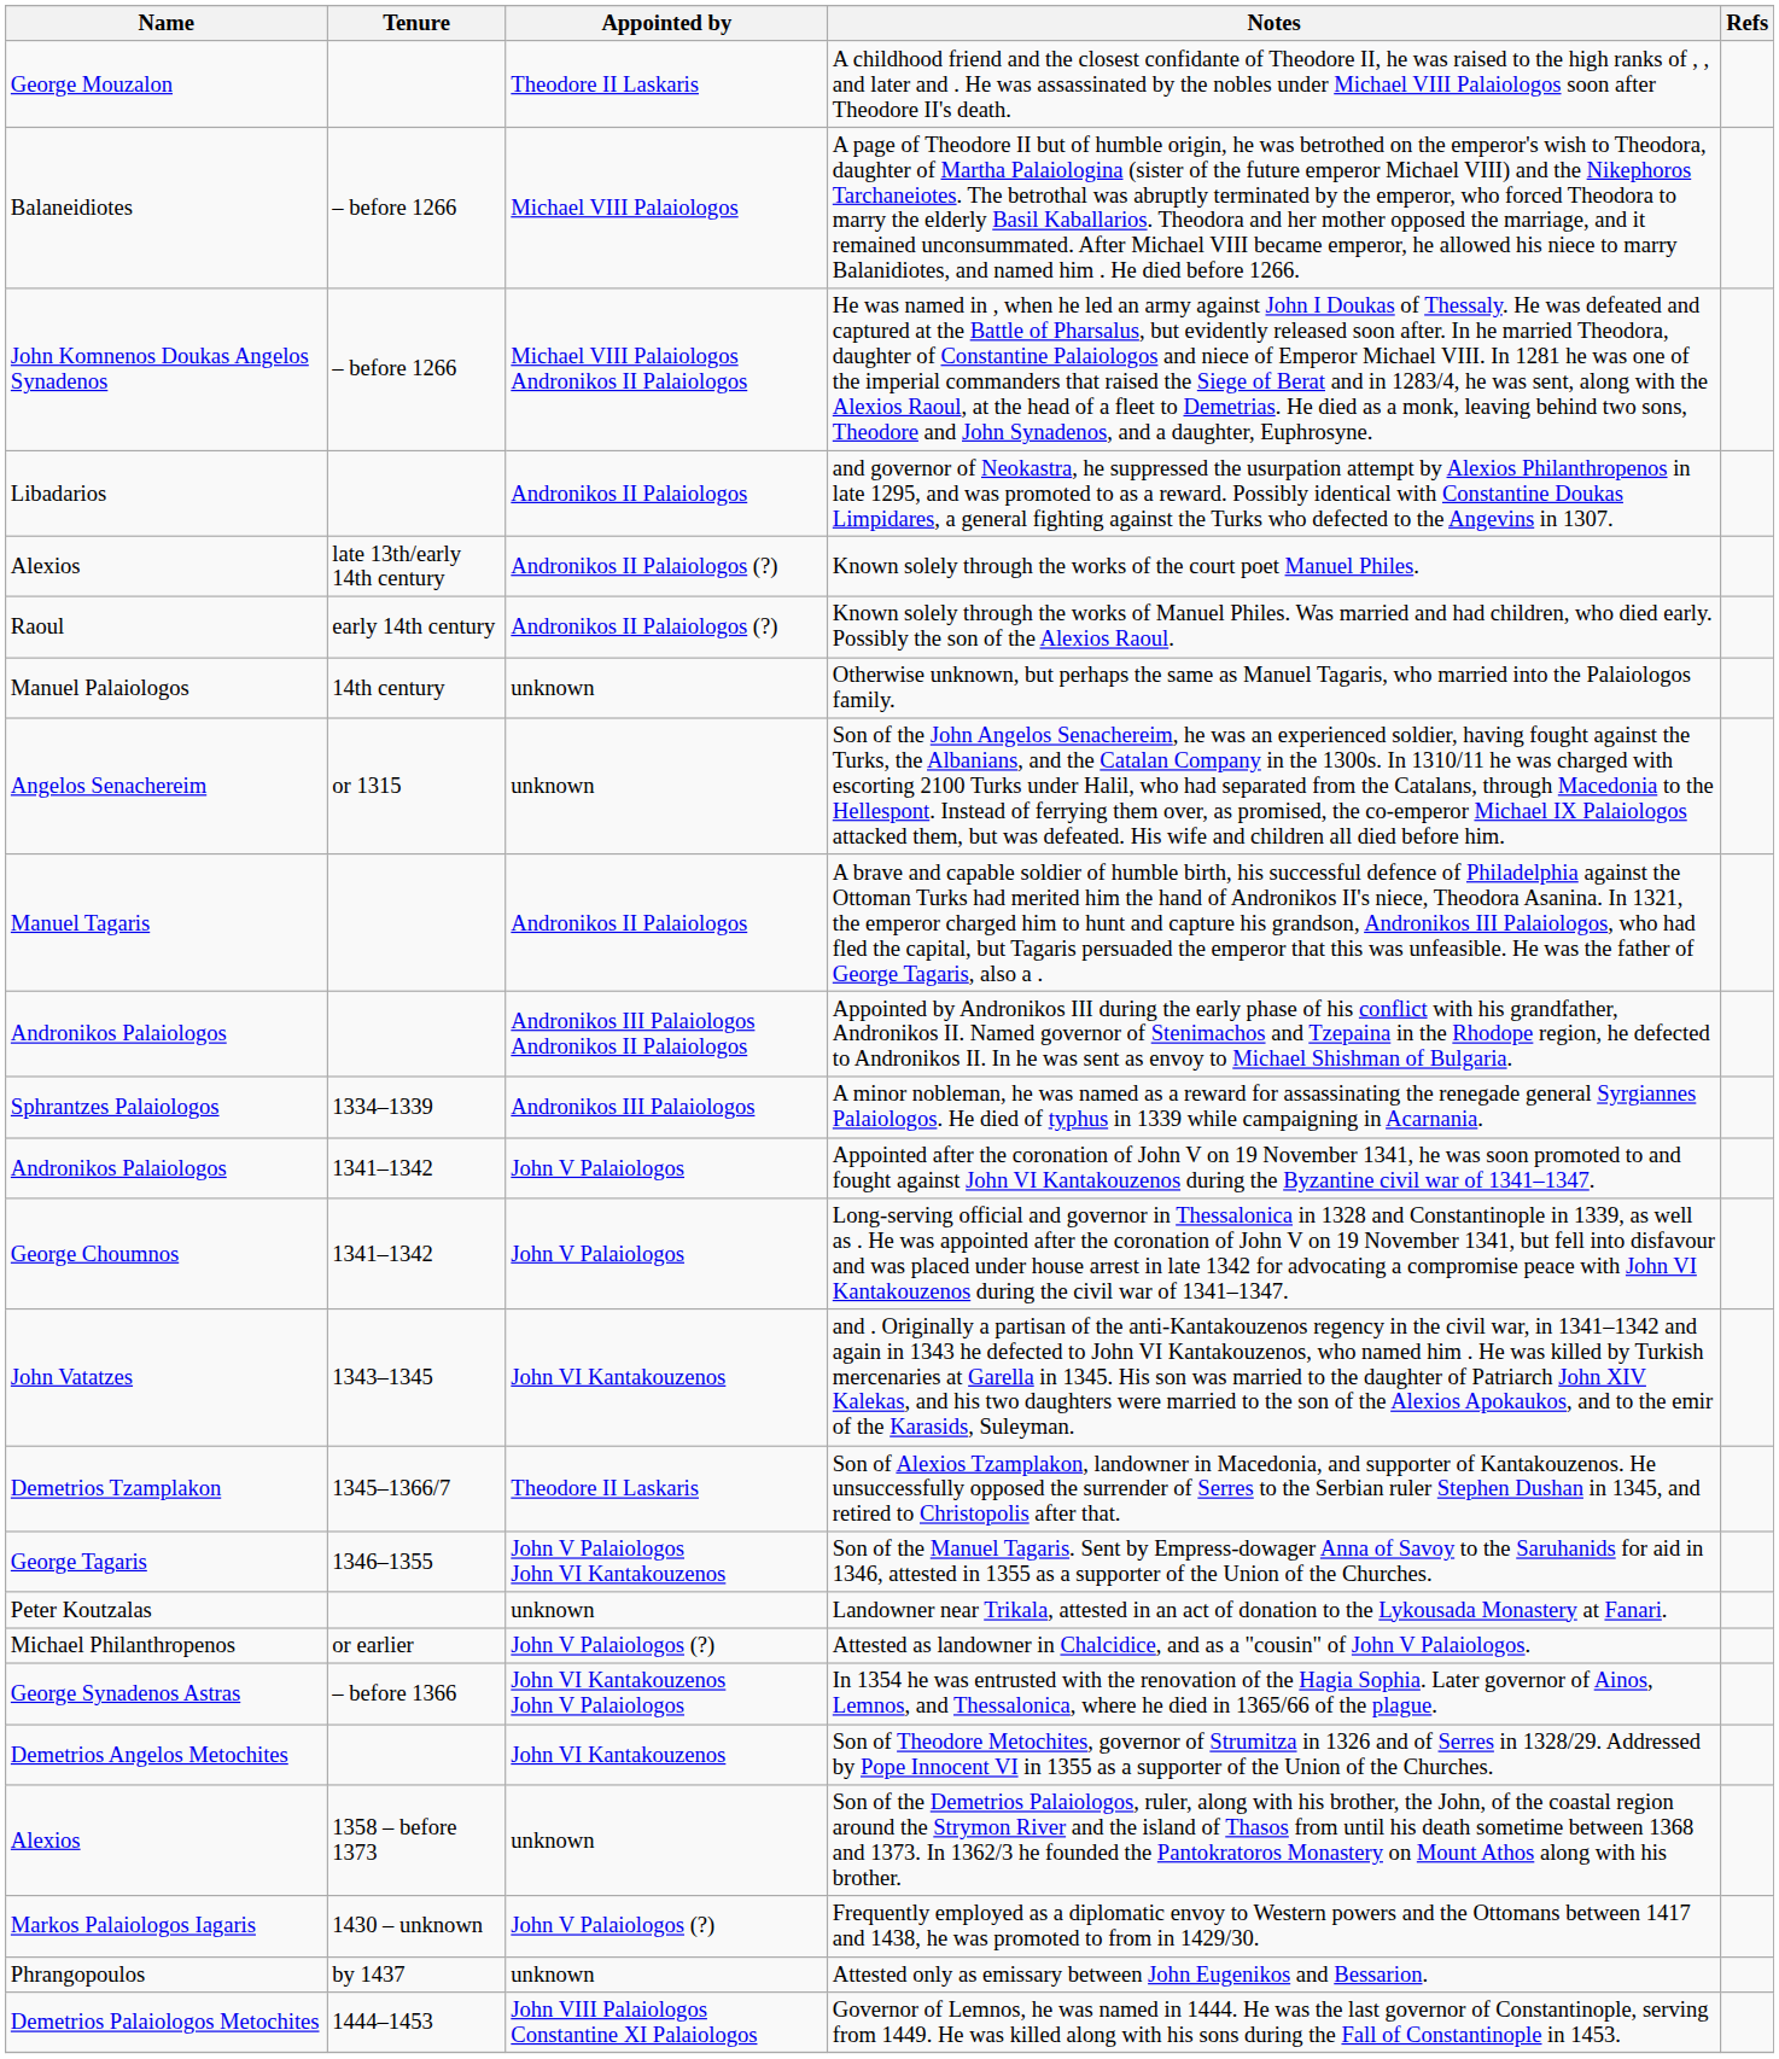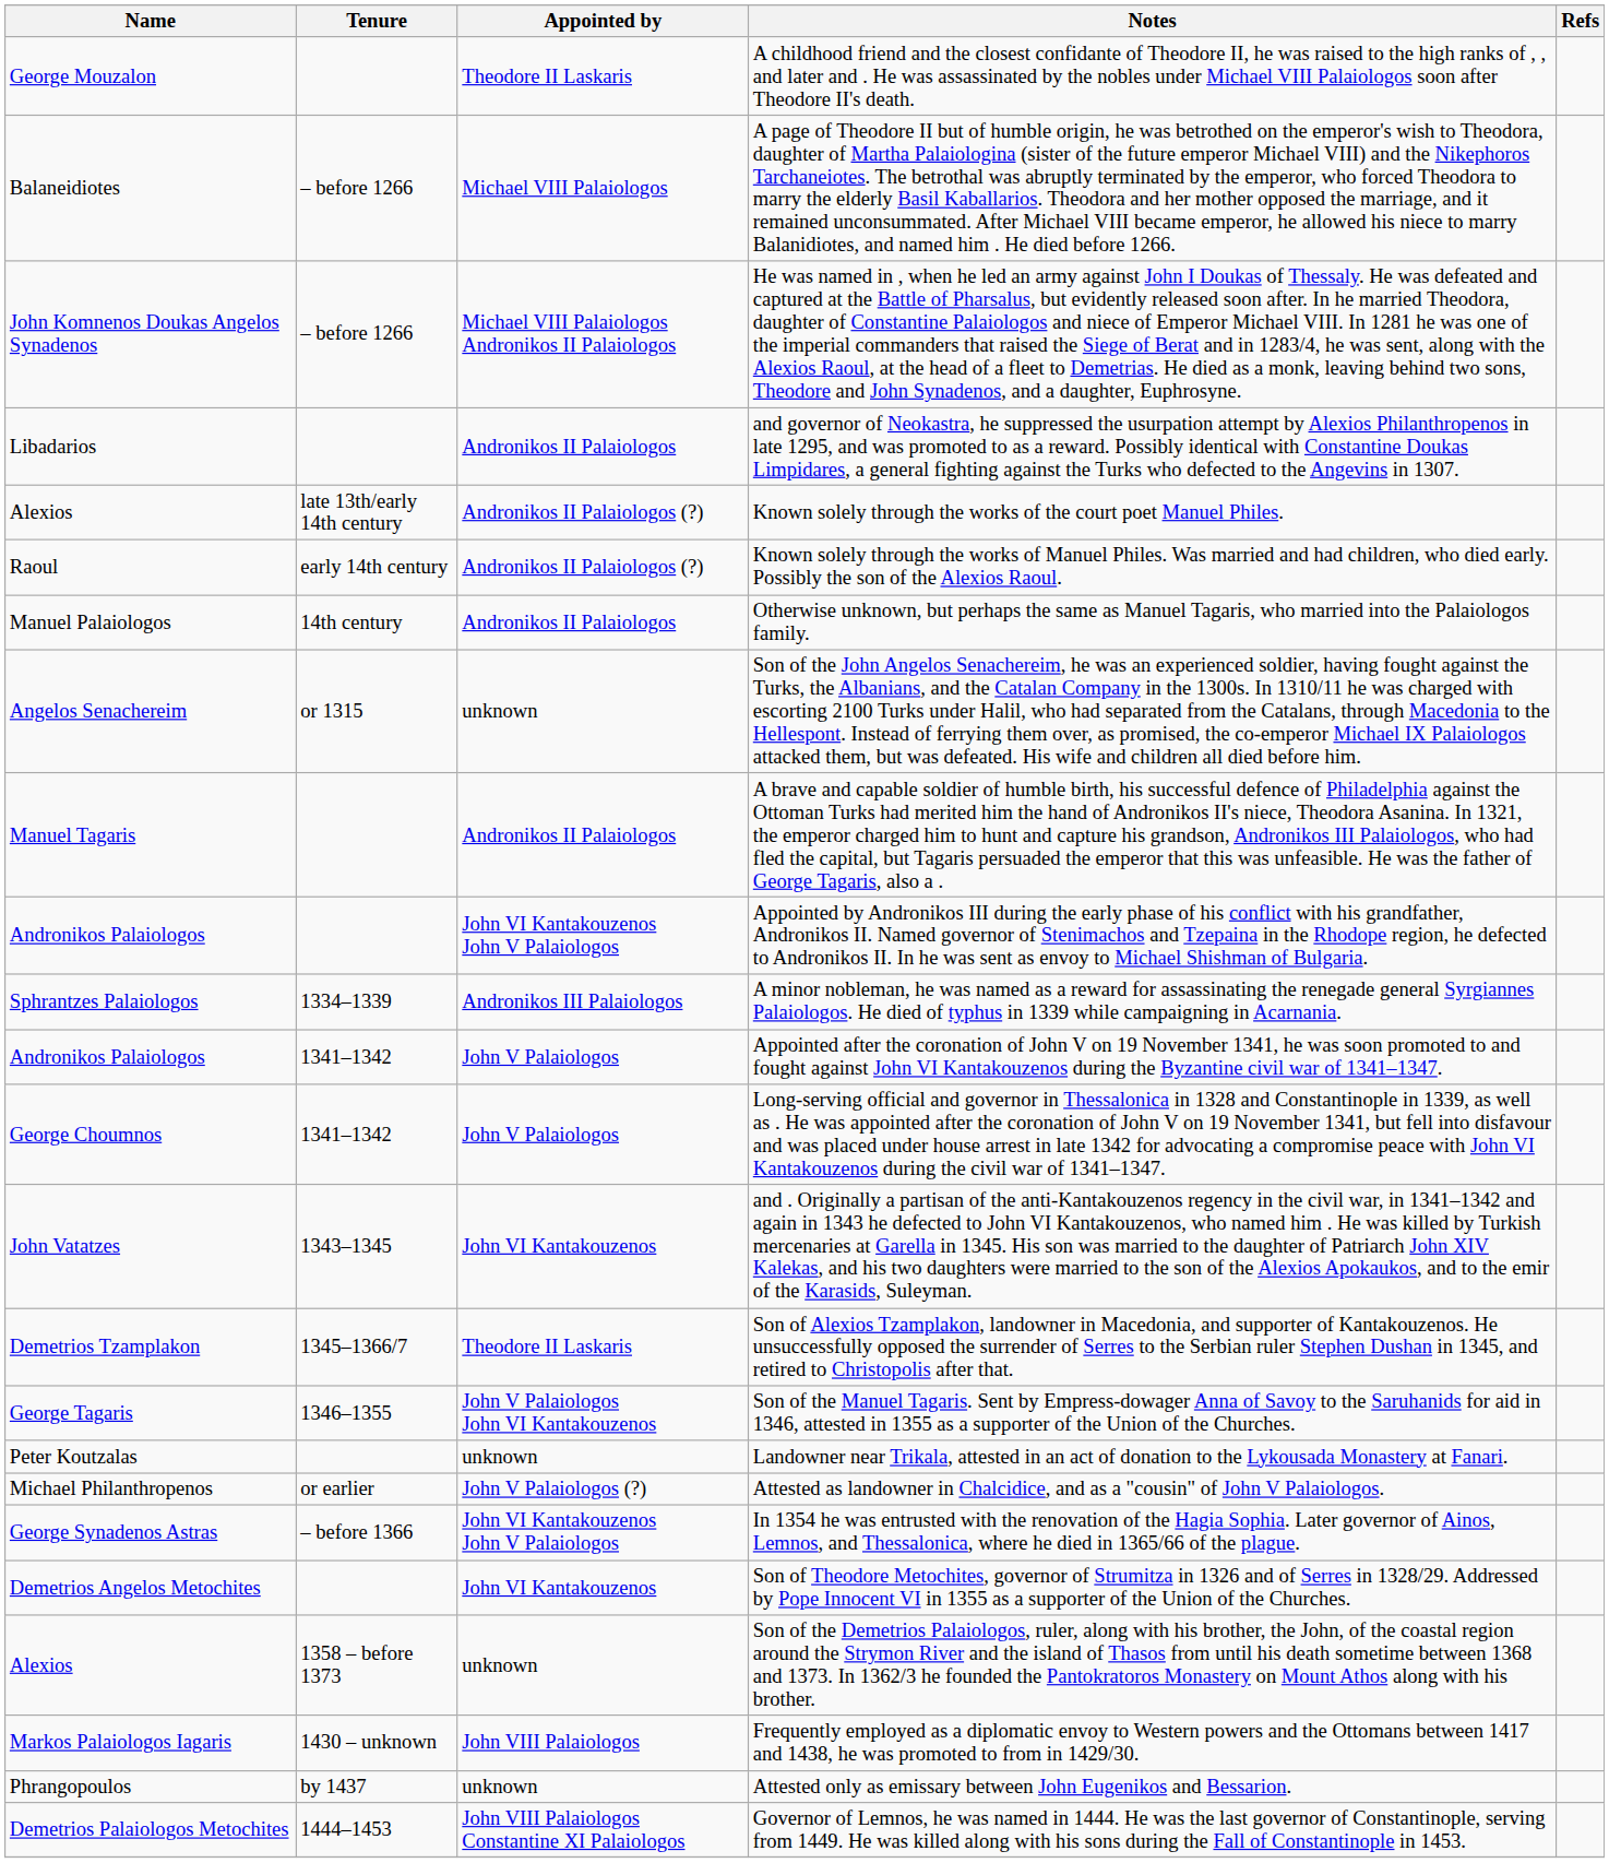 <table class="wikitable"  width="100%">
 <tr bgcolor="#FFDEAD">
 </tr>
 <tr>
 <th width="18%">Name</th>
 <th width="10%">Tenure</th>
 <th width="18%">Appointed by</th>
 <th width="50%">Notes</th>
 <th width="2%">Refs</th>
 </tr>
 <tr>
 <td><a href='#'>George Mouzalon</a></td>
 <td></td>
 <td><a href='#'>Theodore II Laskaris</a></td>
 <td>A childhood friend and the closest confidante of Theodore II, he was raised to the high ranks of , , and later  and . He was assassinated by the nobles under <a href='#'>Michael VIII Palaiologos</a> soon after Theodore II's death.</td>
 <td></td>
 </tr>
 <tr>
 <td>Balaneidiotes</td>
 <td> – before 1266</td>
 <td><a href='#'>Michael VIII Palaiologos</a></td>
 <td>A page of Theodore II but of humble origin, he was betrothed on the emperor's wish to Theodora, daughter of <a href='#'>Martha Palaiologina</a> (sister of the future emperor Michael VIII) and the  <a href='#'>Nikephoros Tarchaneiotes</a>. The betrothal was abruptly terminated by the emperor, who forced Theodora to marry the elderly <a href='#'>Basil Kaballarios</a>. Theodora and her mother opposed the marriage, and it remained unconsummated. After Michael VIII became emperor, he allowed his niece to marry Balanidiotes, and named him . He died before 1266.</td>
 <td></td>
 </tr>
 <tr>
 <td><a href='#'>John Komnenos Doukas Angelos Synadenos</a></td>
 <td> – before 1266</td>
 <td><a href='#'>Michael VIII Palaiologos</a><br><a href='#'>Andronikos II Palaiologos</a></td>
 <td>He was named  in , when he led an army against <a href='#'>John I Doukas</a> of <a href='#'>Thessaly</a>. He was defeated and captured at the <a href='#'>Battle of Pharsalus</a>, but evidently released soon after. In  he married Theodora, daughter of <a href='#'>Constantine Palaiologos</a> and niece of Emperor Michael VIII. In 1281 he was one of the imperial commanders that raised the <a href='#'>Siege of Berat</a> and in 1283/4, he was sent, along with the  <a href='#'>Alexios Raoul</a>, at the head of a fleet to <a href='#'>Demetrias</a>. He died as a monk, leaving behind two sons, <a href='#'>Theodore</a> and <a href='#'>John Synadenos</a>, and a daughter, Euphrosyne.</td>
 <td></td>
 </tr>
 <tr>
 <td>Libadarios</td>
 <td></td>
 <td><a href='#'>Andronikos II Palaiologos</a></td>
 <td> and governor of <a href='#'>Neokastra</a>, he suppressed the usurpation attempt by <a href='#'>Alexios Philanthropenos</a> in late 1295, and was promoted to  as a reward. Possibly identical with <a href='#'>Constantine Doukas Limpidares</a>, a general fighting against the Turks who defected to the <a href='#'>Angevins</a> in 1307.</td>
 <td></td>
 </tr>
 <tr>
 <td>Alexios</td>
 <td>late 13th/early 14th century</td>
 <td><a href='#'>Andronikos II Palaiologos</a> (?)</td>
 <td>Known solely through the works of the court poet <a href='#'>Manuel Philes</a>.</td>
 <td></td>
 </tr>
 <tr>
 <td>Raoul</td>
 <td>early 14th century</td>
 <td><a href='#'>Andronikos II Palaiologos</a> (?)</td>
 <td>Known solely through the works of Manuel Philes. Was married and had children, who died early. Possibly the son of the  <a href='#'>Alexios Raoul</a>.</td>
 <td></td>
 </tr>
 <tr>
 <td>Manuel Palaiologos</td>
 <td>14th century</td>
-<td>unknown</td>
+<td><a href='#'>Andronikos II Palaiologos</a></td>
 <td>Otherwise unknown, but perhaps the same as Manuel Tagaris, who married into the Palaiologos family.</td>
 <td></td>
 </tr>
 <tr>
 <td><a href='#'>Angelos Senachereim</a></td>
 <td> or 1315</td>
 <td>unknown</td>
 <td>Son of the  <a href='#'>John Angelos Senachereim</a>, he was an experienced soldier, having fought against the Turks, the <a href='#'>Albanians</a>, and the <a href='#'>Catalan Company</a> in the 1300s. In 1310/11 he was charged with escorting 2100 Turks under Halil, who had separated from the Catalans, through <a href='#'>Macedonia</a> to the <a href='#'>Hellespont</a>. Instead of ferrying them over, as promised, the co-emperor <a href='#'>Michael IX Palaiologos</a> attacked them, but was defeated. His wife and children all died before him.</td>
 <td></td>
 </tr>
 <tr>
 <td><a href='#'>Manuel Tagaris</a></td>
 <td></td>
 <td><a href='#'>Andronikos II Palaiologos</a></td>
 <td>A brave and capable soldier of humble birth, his successful defence of <a href='#'>Philadelphia</a> against the Ottoman Turks had merited him the hand of Andronikos II's niece, Theodora Asanina. In 1321, the emperor charged him to hunt and capture his grandson, <a href='#'>Andronikos III Palaiologos</a>, who had fled the capital, but Tagaris persuaded the emperor that this was unfeasible. He was the father of <a href='#'>George Tagaris</a>, also a .</td>
 <td></td>
 </tr>
 <tr>
 <td><a href='#'>Andronikos Palaiologos</a></td>
 <td></td>
-<td><a href='#'>Andronikos III Palaiologos</a><br><a href='#'>Andronikos II Palaiologos</a></td>
+<td><a href='#'>John VI Kantakouzenos</a><br><a href='#'>John V Palaiologos</a></td>
 <td>Appointed  by Andronikos III during the early phase of his <a href='#'>conflict</a> with his grandfather, Andronikos II. Named governor of <a href='#'>Stenimachos</a> and <a href='#'>Tzepaina</a> in the <a href='#'>Rhodope</a> region, he defected to Andronikos II. In  he was sent as envoy to <a href='#'>Michael Shishman of Bulgaria</a>.</td>
 <td></td>
 </tr>
 <tr>
 <td><a href='#'>Sphrantzes Palaiologos</a></td>
 <td>1334–1339</td>
 <td><a href='#'>Andronikos III Palaiologos</a></td>
 <td>A minor nobleman, he was named  as a reward for assassinating the renegade general <a href='#'>Syrgiannes Palaiologos</a>. He died of <a href='#'>typhus</a> in 1339 while campaigning in <a href='#'>Acarnania</a>.</td>
 <td></td>
 </tr>
 <tr>
 <td><a href='#'>Andronikos Palaiologos</a></td>
 <td>1341–1342</td>
 <td><a href='#'>John V Palaiologos</a></td>
 <td>Appointed  after the coronation of John V on 19 November 1341, he was soon promoted to  and fought against <a href='#'>John VI Kantakouzenos</a> during the <a href='#'>Byzantine civil war of 1341–1347</a>.</td>
 <td></td>
 </tr>
 <tr>
 <td><a href='#'>George Choumnos</a></td>
 <td>1341–1342</td>
 <td><a href='#'>John V Palaiologos</a></td>
 <td>Long-serving official and governor in <a href='#'>Thessalonica</a> in 1328 and Constantinople in 1339, as well as . He was appointed  after the coronation of John V on 19 November 1341, but fell into disfavour and was placed under house arrest in late 1342 for advocating a compromise peace with <a href='#'>John VI Kantakouzenos</a> during the civil war of 1341–1347.</td>
 <td></td>
 </tr>
 <tr>
 <td><a href='#'>John Vatatzes</a></td>
 <td>1343–1345</td>
 <td><a href='#'>John VI Kantakouzenos</a></td>
 <td> and . Originally a partisan of the anti-Kantakouzenos regency in the civil war, in 1341–1342 and again in 1343 he defected to John VI Kantakouzenos, who named him . He was killed by Turkish mercenaries at <a href='#'>Garella</a> in 1345. His son was married to the daughter of Patriarch <a href='#'>John XIV Kalekas</a>, and his two daughters were married to the son of the  <a href='#'>Alexios Apokaukos</a>, and to the emir of the <a href='#'>Karasids</a>, Suleyman.</td>
 <td></td>
 </tr>
 <tr>
 <td><a href='#'>Demetrios Tzamplakon</a></td>
 <td>1345–1366/7</td>
 <td><a href='#'>Theodore II Laskaris</a></td>
 <td>Son of <a href='#'>Alexios Tzamplakon</a>, landowner in Macedonia, and supporter of Kantakouzenos. He unsuccessfully opposed the surrender of <a href='#'>Serres</a> to the Serbian ruler <a href='#'>Stephen Dushan</a> in 1345, and retired to <a href='#'>Christopolis</a> after that.</td>
 <td></td>
 </tr>
 <tr>
 <td><a href='#'>George Tagaris</a></td>
 <td>1346–1355</td>
 <td><a href='#'>John V Palaiologos</a><br><a href='#'>John VI Kantakouzenos</a></td>
 <td>Son of the  <a href='#'>Manuel Tagaris</a>. Sent by Empress-dowager <a href='#'>Anna of Savoy</a> to the <a href='#'>Saruhanids</a> for aid in 1346, attested in 1355 as a supporter of the Union of the Churches.</td>
 <td></td>
 </tr>
 <tr>
 <td>Peter Koutzalas</td>
 <td></td>
 <td>unknown</td>
 <td>Landowner near <a href='#'>Trikala</a>, attested in an act of donation to the <a href='#'>Lykousada Monastery</a> at <a href='#'>Fanari</a>.</td>
 <td></td>
 </tr>
 <tr>
 <td>Michael Philanthropenos</td>
 <td> or earlier</td>
 <td><a href='#'>John V Palaiologos</a> (?)</td>
 <td>Attested as landowner in <a href='#'>Chalcidice</a>, and as a "cousin" of <a href='#'>John V Palaiologos</a>.</td>
 <td></td>
 </tr>
 <tr>
 <td><a href='#'>George Synadenos Astras</a></td>
 <td> – before 1366</td>
 <td><a href='#'>John VI Kantakouzenos</a><br><a href='#'>John V Palaiologos</a></td>
 <td>In 1354 he was entrusted with the renovation of the <a href='#'>Hagia Sophia</a>. Later governor of <a href='#'>Ainos</a>, <a href='#'>Lemnos</a>, and <a href='#'>Thessalonica</a>, where he died in 1365/66 of the <a href='#'>plague</a>.</td>
 <td></td>
 </tr>
 <tr>
 <td><a href='#'>Demetrios Angelos Metochites</a></td>
 <td></td>
 <td><a href='#'>John VI Kantakouzenos</a></td>
 <td>Son of <a href='#'>Theodore Metochites</a>, governor of <a href='#'>Strumitza</a> in 1326 and of <a href='#'>Serres</a> in 1328/29. Addressed by <a href='#'>Pope Innocent VI</a> in 1355 as a supporter of the Union of the Churches.</td>
 <td></td>
 </tr>
 <tr>
 <td><a href='#'>Alexios</a></td>
 <td>1358 – before 1373</td>
 <td>unknown</td>
 <td>Son of the  <a href='#'>Demetrios Palaiologos</a>, ruler, along with his brother, the  John, of the coastal region around the <a href='#'>Strymon River</a> and the island of <a href='#'>Thasos</a> from  until his death sometime between 1368 and 1373. In 1362/3 he founded the <a href='#'>Pantokratoros Monastery</a> on <a href='#'>Mount Athos</a> along with his brother.</td>
 <td></td>
 </tr>
 <tr>
 <td><a href='#'>Markos Palaiologos Iagaris</a></td>
 <td>1430 – unknown</td>
-<td><a href='#'>John V Palaiologos</a> (?)</td>
+<td><a href='#'>John VIII Palaiologos</a></td>
 <td>Frequently employed as a diplomatic envoy to Western powers and the Ottomans between 1417 and 1438, he was promoted to  from  in 1429/30.</td>
 <td></td>
 </tr>
 <tr>
 <td>Phrangopoulos</td>
 <td>by 1437</td>
 <td>unknown</td>
 <td>Attested only as emissary between <a href='#'>John Eugenikos</a> and <a href='#'>Bessarion</a>.</td>
 <td></td>
 </tr>
 <tr>
 <td><a href='#'>Demetrios Palaiologos Metochites</a></td>
 <td>1444–1453</td>
 <td><a href='#'>John VIII Palaiologos</a><br><a href='#'>Constantine XI Palaiologos</a></td>
 <td>Governor of Lemnos, he was named  in 1444. He was the last governor of Constantinople, serving from 1449. He was killed along with his sons during the <a href='#'>Fall of Constantinople</a> in 1453.</td>
 <td></td>
 </tr>
 <tr>
 </tr>
 </table>
